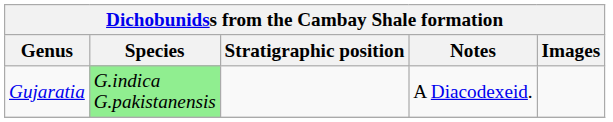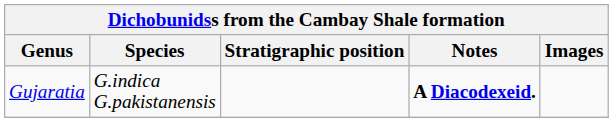 <table class="wikitable" align="center">
 <tr>
 <th colspan="7" align="center"><strong><a href='#'>Dichobunids</a>s from the Cambay Shale formation</strong></th>
 </tr>
 <tr>
 <th>Genus</th>
 <th>Species</th>
 <th>Stratigraphic position</th>
 <th>Notes</th>
 <th>Images</th>
 </tr>
 <tr>
 <td><em><a href='#'>Gujaratia</a></em></td>
-<td style="background: lightgreen;"><em>G.indica<br>G.pakistanensis</em></td>
+<td><em>G.indica<br>G.pakistanensis</em></td>
 <td></td>
-<td>A <a href='#'>Diacodexeid</a>.</td>
+<td><strong>A <a href='#'>Diacodexeid</a>.</strong></td>
 <td></td>
 </tr>
 <tr>
 </tr>
 </table>
